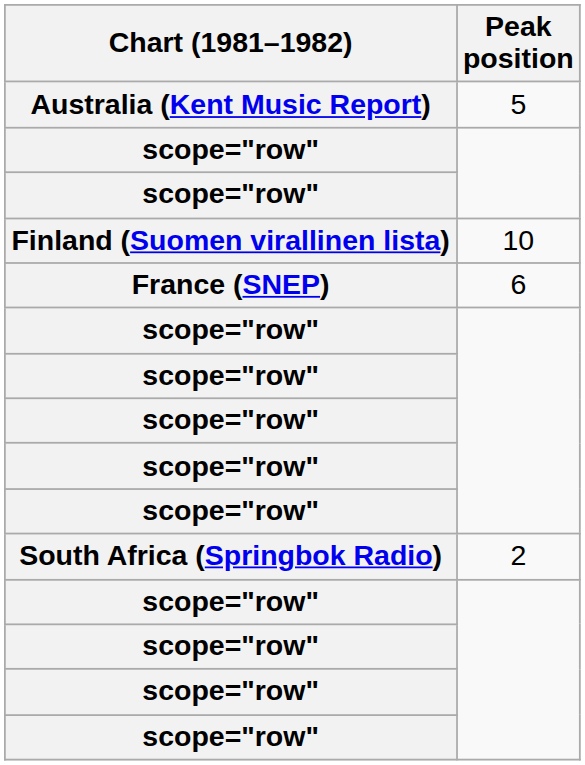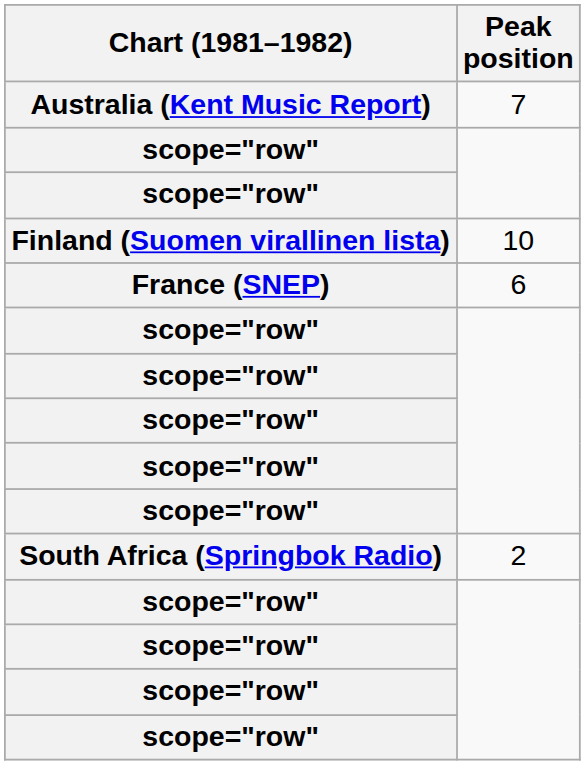 <table class="wikitable sortable plainrowheaders" style="text-align:center">
 <tr>
 <th>Chart (1981–1982)</th>
 <th>Peak<br>position</th>
 </tr>
 <tr>
 <th scope="row">Australia (<a href='#'>Kent Music Report</a>)</th>
-<td>5</td>
+<td>7</td>
 </tr>
 <tr>
 <th>scope="row" </th>
 </tr>
 <tr>
 <th>scope="row" </th>
 </tr>
 <tr>
 <th scope="row">Finland (<a href='#'>Suomen virallinen lista</a>)</th>
 <td>10</td>
 </tr>
 <tr>
 <th scope="row">France (<a href='#'>SNEP</a>)</th>
 <td>6</td>
 </tr>
 <tr>
 <th>scope="row" </th>
 </tr>
 <tr>
 <th>scope="row" </th>
 </tr>
 <tr>
 <th>scope="row" </th>
 </tr>
 <tr>
 <th>scope="row" </th>
 </tr>
 <tr>
 <th>scope="row" </th>
 </tr>
 <tr>
 <th scope="row">South Africa (<a href='#'>Springbok Radio</a>)</th>
 <td>2</td>
 </tr>
 <tr>
 <th>scope="row" </th>
 </tr>
 <tr>
 <th>scope="row" </th>
 </tr>
 <tr>
 <th>scope="row" </th>
 </tr>
 <tr>
 <th>scope="row" </th>
 </tr>
 </table>
